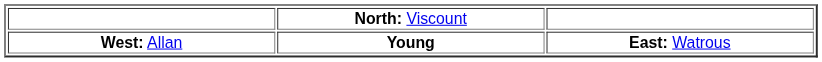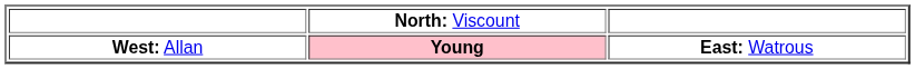 <table width ="65%" border = 2 align="top" "left">
 <tr>
 <td width ="25%" align="center"></td>
 <td width ="20%" align="center"><strong>North:</strong> <a href='#'>Viscount</a></td>
 <td width ="25%" align="center"></td>
 </tr>
 <tr>
 <td width ="10%" align="center"><strong>West:</strong> <a href='#'>Allan</a></td>
-<td width ="25%" align="center"><strong>Young</strong></td>
+<td width ="25%" align="center" style="background: pink;"><strong>Young</strong></td>
 <td width ="20%" align="center"><strong>East:</strong> <a href='#'>Watrous</a></td>
 </tr>
 </table>
